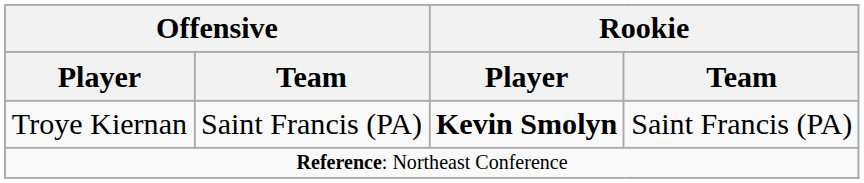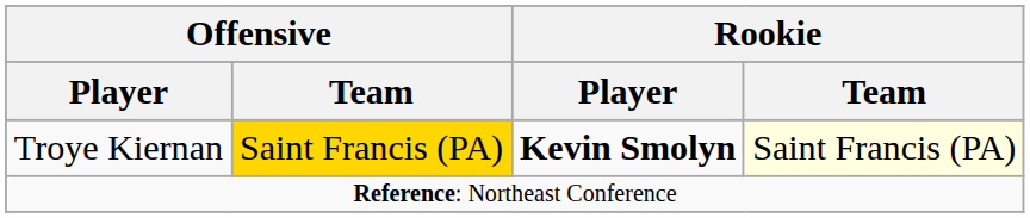 <table class="wikitable">
 <tr>
 <th colspan="2">Offensive</th>
 <th colspan="2">Rookie</th>
 </tr>
 <tr>
 <th>Player</th>
 <th>Team</th>
 <th>Player</th>
 <th>Team</th>
 </tr>
 <tr>
 <td>Troye Kiernan</td>
-<td>Saint Francis (PA)</td>
+<td style="background: gold;">Saint Francis (PA)</td>
 <td><strong>Kevin Smolyn</strong></td>
-<td>Saint Francis (PA)</td>
+<td style="background: lightyellow;">Saint Francis (PA)</td>
 </tr>
 <tr>
 <td colspan="12"  style="font-size:8pt; text-align:center;"><strong>Reference</strong>: Northeast Conference</td>
 </tr>
 </table>
